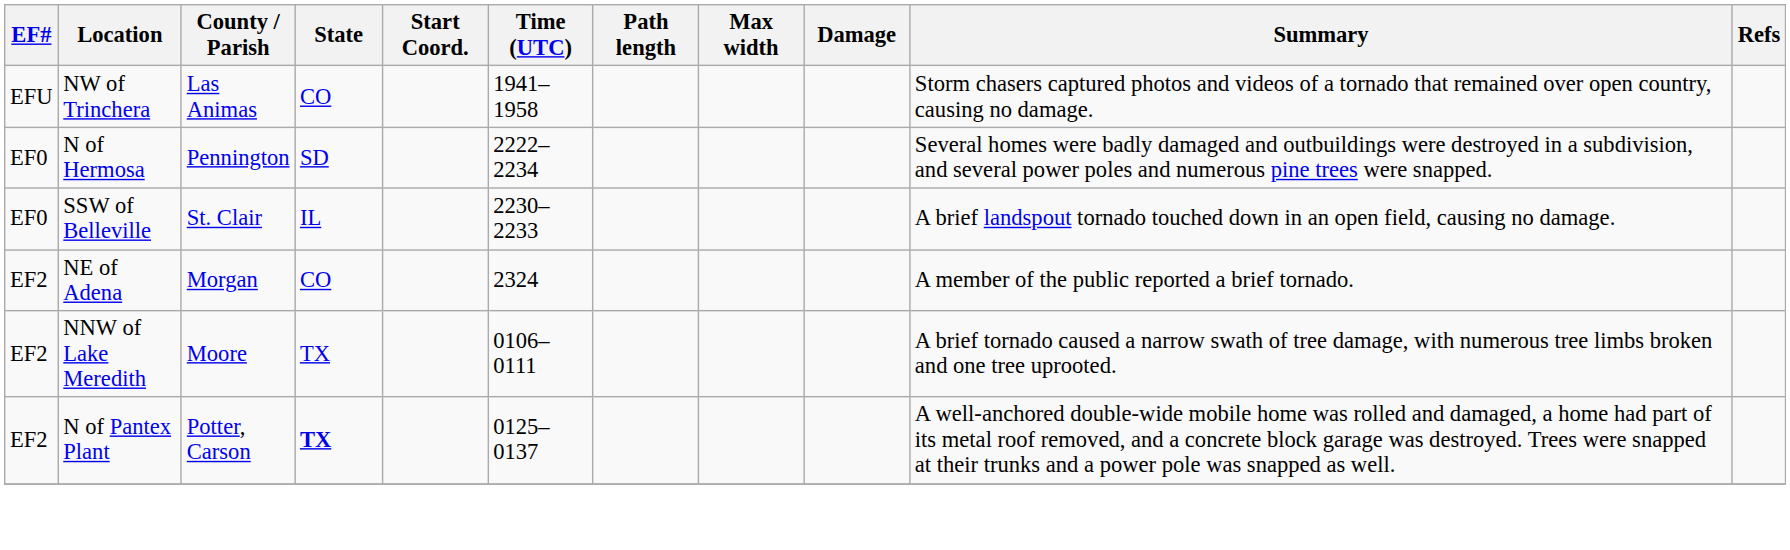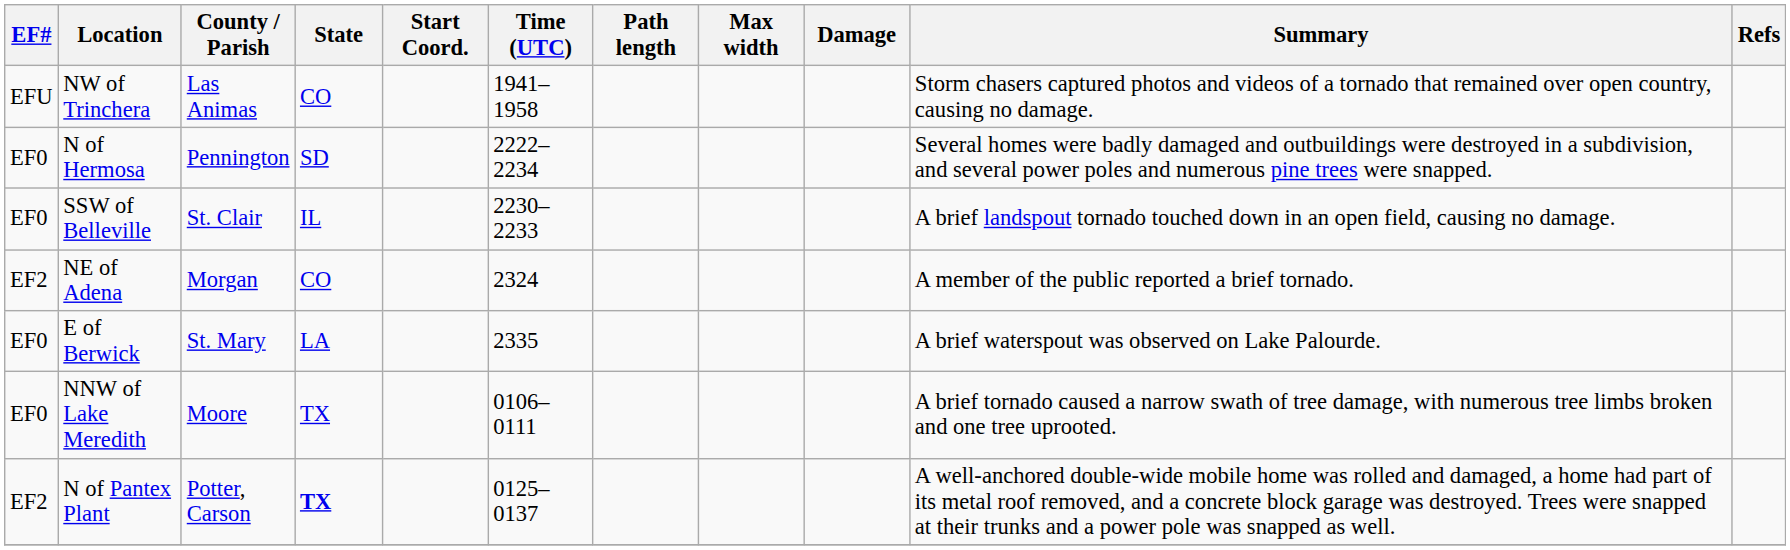 <table class="wikitable sortable" style="width:100%;">
 <tr>
 <th scope="col" width="3%" align="center"><a href='#'>EF#</a></th>
 <th scope="col" width="7%" align="center" class="unsortable">Location</th>
 <th scope="col" width="6%" align="center" class="unsortable">County / Parish</th>
 <th scope="col" width="5%" align="center">State</th>
 <th scope="col" width="6%" align="center">Start Coord.</th>
 <th scope="col" width="6%" align="center">Time (<a href='#'>UTC</a>)</th>
 <th scope="col" width="6%" align="center">Path length</th>
 <th scope="col" width="6%" align="center">Max width</th>
 <th scope="col" width="6%" align="center">Damage</th>
 <th scope="col" width="48%" class="unsortable" align="center">Summary</th>
 <th scope="col" width="48%" class="unsortable" align="center">Refs</th>
 </tr>
 <tr>
 <td>EFU</td>
 <td>NW of <a href='#'>Trinchera</a></td>
 <td><a href='#'>Las Animas</a></td>
 <td><a href='#'>CO</a></td>
 <td></td>
 <td>1941–1958</td>
 <td></td>
 <td></td>
 <td></td>
 <td>Storm chasers captured photos and videos of a tornado that remained over open country, causing no damage.</td>
 <td></td>
 </tr>
 <tr>
 <td>EF0</td>
 <td>N of <a href='#'>Hermosa</a></td>
 <td><a href='#'>Pennington</a></td>
 <td><a href='#'>SD</a></td>
 <td></td>
 <td>2222–2234</td>
 <td></td>
 <td></td>
 <td></td>
 <td>Several homes were badly damaged and outbuildings were destroyed in a subdivision, and several power poles and numerous <a href='#'>pine trees</a> were snapped.</td>
 <td></td>
 </tr>
 <tr>
 <td>EF0</td>
 <td>SSW of <a href='#'>Belleville</a></td>
 <td><a href='#'>St. Clair</a></td>
 <td><a href='#'>IL</a></td>
 <td></td>
 <td>2230–2233</td>
 <td></td>
 <td></td>
 <td></td>
 <td>A brief <a href='#'>landspout</a> tornado touched down in an open field, causing no damage.</td>
 <td></td>
 </tr>
 <tr>
 <td>EF2</td>
 <td>NE of <a href='#'>Adena</a></td>
 <td><a href='#'>Morgan</a></td>
 <td><a href='#'>CO</a></td>
 <td></td>
 <td>2324</td>
 <td></td>
 <td></td>
 <td></td>
 <td>A member of the public reported a brief tornado.</td>
 <td></td>
 </tr>
 <tr>
-<td>EF2</td>
+<td>EF0</td>
+<td>E of <a href='#'>Berwick</a></td>
+<td><a href='#'>St. Mary</a></td>
+<td><a href='#'>LA</a></td>
+<td></td>
+<td>2335</td>
+<td></td>
+<td></td>
+<td></td>
+<td>A brief waterspout was observed on Lake Palourde.</td>
+<td></td>
+</tr>
+<tr>
+<td>EF0</td>
 <td>NNW of <a href='#'>Lake Meredith</a></td>
 <td><a href='#'>Moore</a></td>
 <td><a href='#'>TX</a></td>
 <td></td>
 <td>0106–0111</td>
 <td></td>
 <td></td>
 <td></td>
 <td>A brief tornado caused a narrow swath of tree damage, with numerous tree limbs broken and one tree uprooted.</td>
 <td></td>
 </tr>
 <tr>
 <td>EF2</td>
 <td>N of <a href='#'>Pantex Plant</a></td>
 <td><a href='#'>Potter</a>, <a href='#'>Carson</a></td>
 <td><strong><a href='#'>TX</a></strong></td>
 <td></td>
 <td>0125–0137</td>
 <td></td>
 <td></td>
 <td></td>
 <td>A well-anchored double-wide mobile home was rolled and damaged, a home had part of its metal roof removed, and a concrete block garage was destroyed. Trees were snapped at their trunks and a power pole was snapped as well.</td>
 <td></td>
 </tr>
 <tr>
 </tr>
 </table>
